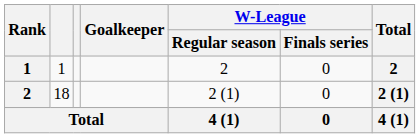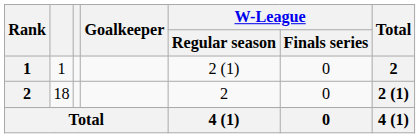 <table class="wikitable" style="text-align:center">
 <tr>
 <th rowspan="2">Rank</th>
 <th rowspan="2"></th>
 <th rowspan="2"></th>
 <th rowspan="2">Goalkeeper</th>
 <th colspan="2"><a href='#'>W-League</a></th>
 <th rowspan="2">Total</th>
 </tr>
 <tr>
 <th>Regular season</th>
 <th>Finals series</th>
 </tr>
 <tr>
 <th>1</th>
 <td>1</td>
 <td></td>
 <td align="left"></td>
-<td>2</td>
+<td>2 (1)</td>
 <td>0</td>
 <th>2</th>
 </tr>
 <tr>
 <th>2</th>
 <td>18</td>
 <td></td>
 <td align="left"></td>
-<td>2 (1)</td>
+<td>2</td>
 <td>0</td>
 <th>2 (1)</th>
 </tr>
 <tr>
 <th colspan="4">Total</th>
 <th>4 (1)</th>
 <th>0</th>
 <th>4 (1)</th>
 </tr>
 </table>
